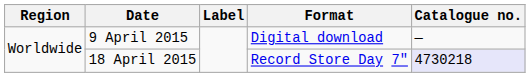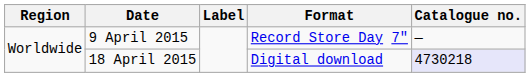 <table class=wikitable>
 <tr>
 <th>Region</th>
 <th>Date</th>
 <th>Label</th>
 <th>Format</th>
 <th>Catalogue no.</th>
 </tr>
 <tr>
 <td rowspan="2">Worldwide</td>
 <td>9 April 2015</td>
 <td rowspan="2"></td>
-<td><a href='#'>Digital download</a></td>
+<td><a href='#'>Record Store Day</a> <a href='#'>7"</a></td>
 <td>—</td>
 </tr>
 <tr>
 <td>18 April 2015</td>
-<td><a href='#'>Record Store Day</a> <a href='#'>7"</a></td>
+<td><a href='#'>Digital download</a></td>
 <td style="background: lavender;">4730218</td>
 </tr>
 </table>
